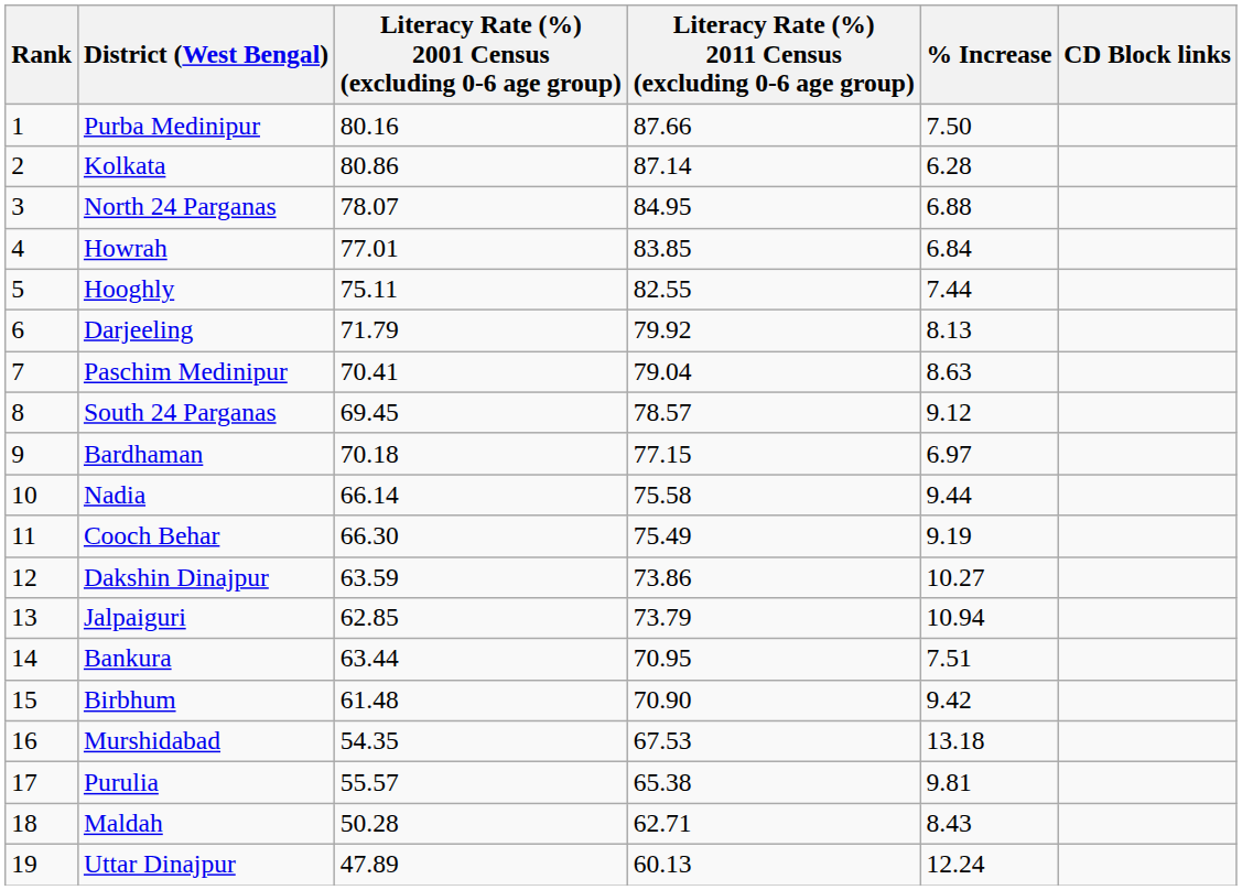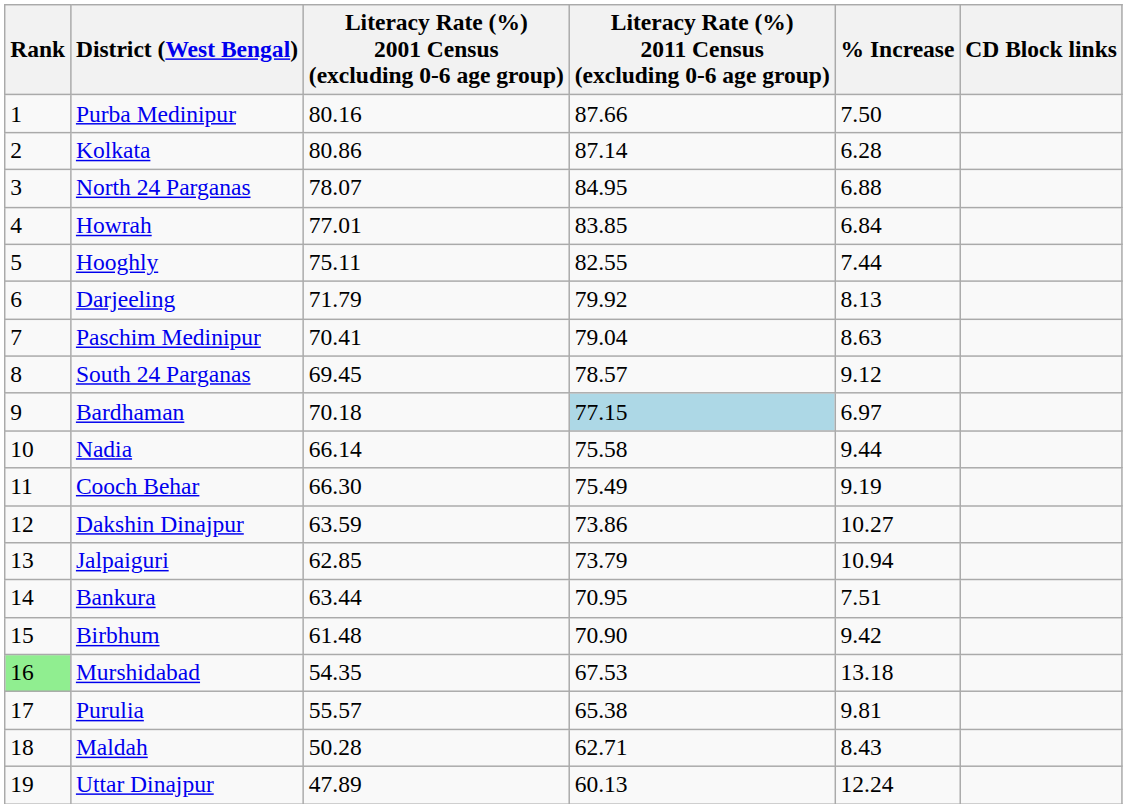 <table class="wikitable sortable">
 <tr>
 <th>Rank</th>
 <th>District (<a href='#'>West Bengal</a>)</th>
 <th>Literacy Rate (%) <br> 2001 Census <br>(excluding 0-6 age group)</th>
 <th>Literacy Rate (%) <br> 2011 Census <br> (excluding 0-6 age group)</th>
 <th>% Increase</th>
 <th>CD Block links</th>
 </tr>
 <tr>
 <td>1</td>
 <td><a href='#'>Purba Medinipur</a></td>
 <td>80.16</td>
 <td>87.66</td>
 <td>7.50</td>
 <td></td>
 </tr>
 <tr>
 <td>2</td>
 <td><a href='#'>Kolkata</a></td>
 <td>80.86</td>
 <td>87.14</td>
 <td>6.28</td>
 <td></td>
 </tr>
 <tr>
 <td>3</td>
 <td><a href='#'>North 24 Parganas</a></td>
 <td>78.07</td>
 <td>84.95</td>
 <td>6.88</td>
 <td></td>
 </tr>
 <tr>
 <td>4</td>
 <td><a href='#'>Howrah</a></td>
 <td>77.01</td>
 <td>83.85</td>
 <td>6.84</td>
 <td></td>
 </tr>
 <tr>
 <td>5</td>
 <td><a href='#'>Hooghly</a></td>
 <td>75.11</td>
 <td>82.55</td>
 <td>7.44</td>
 <td></td>
 </tr>
 <tr>
 <td>6</td>
 <td><a href='#'>Darjeeling</a></td>
 <td>71.79</td>
 <td>79.92</td>
 <td>8.13</td>
 <td></td>
 </tr>
 <tr>
 <td>7</td>
 <td><a href='#'>Paschim Medinipur</a></td>
 <td>70.41</td>
 <td>79.04</td>
 <td>8.63</td>
 <td></td>
 </tr>
 <tr>
 <td>8</td>
 <td><a href='#'>South 24 Parganas</a></td>
 <td>69.45</td>
 <td>78.57</td>
 <td>9.12</td>
 <td></td>
 </tr>
 <tr>
 <td>9</td>
 <td><a href='#'>Bardhaman</a></td>
 <td>70.18</td>
-<td>77.15</td>
+<td style="background: lightblue;">77.15</td>
 <td>6.97</td>
 <td></td>
 </tr>
 <tr>
 <td>10</td>
 <td><a href='#'>Nadia</a></td>
 <td>66.14</td>
 <td>75.58</td>
 <td>9.44</td>
 <td></td>
 </tr>
 <tr>
 <td>11</td>
 <td><a href='#'>Cooch Behar</a></td>
 <td>66.30</td>
 <td>75.49</td>
 <td>9.19</td>
 <td></td>
 </tr>
 <tr>
 <td>12</td>
 <td><a href='#'>Dakshin Dinajpur</a></td>
 <td>63.59</td>
 <td>73.86</td>
 <td>10.27</td>
 <td></td>
 </tr>
 <tr>
 <td>13</td>
 <td><a href='#'>Jalpaiguri</a></td>
 <td>62.85</td>
 <td>73.79</td>
 <td>10.94</td>
 <td></td>
 </tr>
 <tr>
 <td>14</td>
 <td><a href='#'>Bankura</a></td>
 <td>63.44</td>
 <td>70.95</td>
 <td>7.51</td>
 <td></td>
 </tr>
 <tr>
 <td>15</td>
 <td><a href='#'>Birbhum</a></td>
 <td>61.48</td>
 <td>70.90</td>
 <td>9.42</td>
 <td></td>
 </tr>
 <tr>
-<td>16</td>
+<td style="background: lightgreen;">16</td>
 <td><a href='#'>Murshidabad</a></td>
 <td>54.35</td>
 <td>67.53</td>
 <td>13.18</td>
 <td></td>
 </tr>
 <tr>
 <td>17</td>
 <td><a href='#'>Purulia</a></td>
 <td>55.57</td>
 <td>65.38</td>
 <td>9.81</td>
 <td></td>
 </tr>
 <tr>
 <td>18</td>
 <td><a href='#'>Maldah</a></td>
 <td>50.28</td>
 <td>62.71</td>
 <td>8.43</td>
 <td></td>
 </tr>
 <tr>
 <td>19</td>
 <td><a href='#'>Uttar Dinajpur</a></td>
 <td>47.89</td>
 <td>60.13</td>
 <td>12.24</td>
 <td></td>
 </tr>
 <tr>
 </tr>
 </table>
